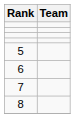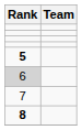 <table class="wikitable">
 <tr>
 <th>Rank</th>
 <th>Team</th>
 </tr>
 <tr>
 <td align=center></td>
 <td></td>
 </tr>
 <tr>
 <td align=center></td>
 <td></td>
 </tr>
 <tr>
 <td align=center></td>
 <td></td>
 </tr>
 <tr>
 <td align=center></td>
 <td></td>
 </tr>
 <tr>
-<td align=center>5</td>
+<td align=center><strong>5</strong></td>
 <td></td>
 </tr>
 <tr>
-<td align=center>6</td>
+<td align=center style="background: lightgrey;">6</td>
 <td></td>
 </tr>
 <tr>
 <td align=center>7</td>
 <td></td>
 </tr>
 <tr>
-<td align=center>8</td>
+<td align=center><strong>8</strong></td>
 <td></td>
 </tr>
 <tr>
 </tr>
 </table>
